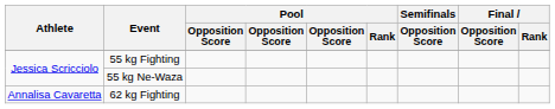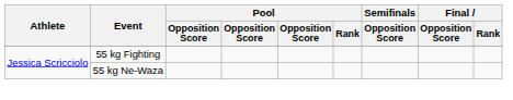 <table class=wikitable style="font-size:90%">
 <tr>
 <th rowspan="2">Athlete</th>
 <th rowspan="2">Event</th>
 <th colspan="4">Pool</th>
 <th>Semifinals</th>
 <th colspan="2">Final / </th>
 </tr>
 <tr style="font-size:95%">
 <th>Opposition<br>Score</th>
 <th>Opposition<br>Score</th>
 <th>Opposition<br>Score</th>
 <th>Rank</th>
 <th>Opposition<br>Score</th>
 <th>Opposition<br>Score</th>
 <th>Rank</th>
 </tr>
 <tr style="font-size:95%">
 </tr>
 <tr align=center>
 <td rowspan=2><a href='#'>Jessica Scricciolo</a></td>
 <td>55 kg Fighting</td>
 <td></td>
 <td></td>
 <td></td>
 <td></td>
 <td></td>
 <td></td>
 <td></td>
 </tr>
 <tr align=center>
 <td>55 kg Ne-Waza</td>
 <td></td>
 <td></td>
 <td></td>
 <td></td>
 <td></td>
 <td></td>
 <td></td>
 </tr>
-<tr align=center>
-<td align=left><a href='#'>Annalisa Cavaretta</a></td>
-<td>62 kg Fighting</td>
-<td></td>
-<td></td>
-<td></td>
-<td></td>
-<td></td>
-<td></td>
-<td></td>
-</tr>
 </table>
